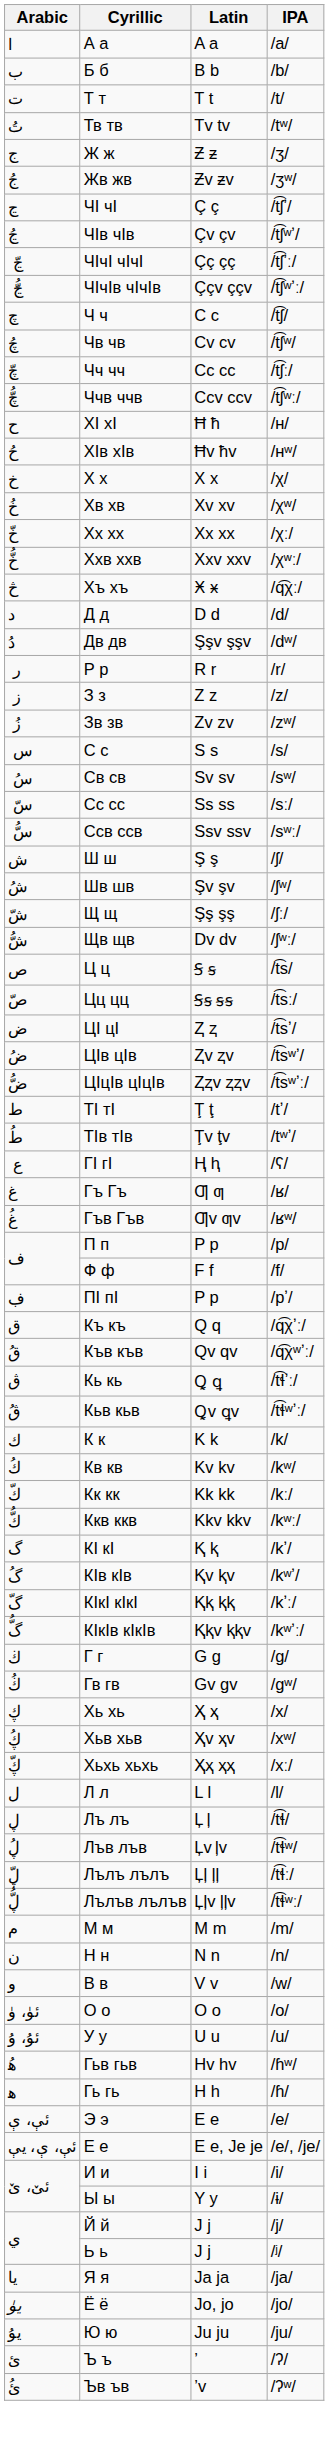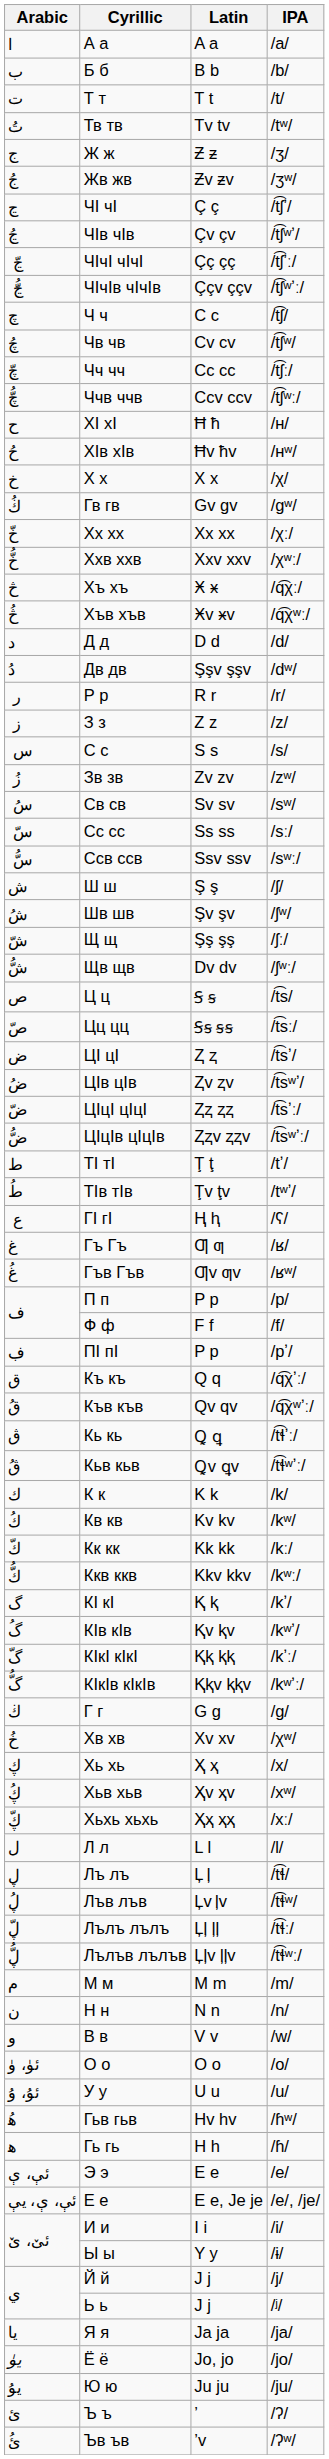 <table class="wikitable">
 <tr>
 <th>Arabic</th>
 <th>Cyrillic</th>
 <th>Latin</th>
 <th>IPA</th>
 </tr>
 <tr>
 <td>ا</td>
 <td>А а</td>
 <td>A a</td>
 <td>/a/</td>
 </tr>
 <tr>
 <td>ب</td>
 <td>Б б</td>
 <td>B b</td>
 <td>/b/</td>
 </tr>
 <tr>
 <td>ت</td>
 <td>Т т</td>
 <td>T t</td>
 <td>/t/</td>
 </tr>
 <tr>
 <td>تُ</td>
 <td>Тв тв</td>
 <td>Tv tv</td>
 <td>/tʷ/</td>
 </tr>
 <tr>
 <td>ج</td>
 <td>Ж ж</td>
 <td>Ƶ ƶ</td>
 <td>/ʒ/</td>
 </tr>
 <tr>
 <td>جُ</td>
 <td>Жв жв</td>
 <td>Ƶv ƶv</td>
 <td>/ʒʷ/</td>
 </tr>
 <tr>
 <td>ڃ</td>
 <td>ЧӀ чӀ</td>
 <td>Ç ç</td>
 <td>/t͡ʃʼ/</td>
 </tr>
 <tr>
 <td>ڃُ</td>
 <td>ЧӀв чӀв</td>
 <td>Çv çv</td>
 <td>/t͡ʃʷʼ/</td>
 </tr>
 <tr>
 <td>‌ ڃّ</td>
 <td>ЧӀчӀ чӀчӀ</td>
 <td>Çç çç</td>
 <td>/t͡ʃʼː/</td>
 </tr>
 <tr>
 <td>‌ ڃُّ</td>
 <td>ЧӀчӀв чӀчӀв</td>
 <td>Ççv ççv</td>
 <td>/t͡ʃʷʼː/</td>
 </tr>
 <tr>
 <td>چ</td>
 <td>Ч ч</td>
 <td>C c</td>
 <td>/t͡ʃ/</td>
 </tr>
 <tr>
 <td>چُ</td>
 <td>Чв чв</td>
 <td>Cv cv</td>
 <td>/t͡ʃʷ/</td>
 </tr>
 <tr>
 <td>چّ</td>
 <td>Чч чч</td>
 <td>Cc cc</td>
 <td>/t͡ʃː/</td>
 </tr>
 <tr>
 <td>چُّ</td>
 <td>Ччв ччв</td>
 <td>Ccv ccv</td>
 <td>/t͡ʃʷː/</td>
 </tr>
 <tr>
 <td>ح</td>
 <td>ХӀ хӀ</td>
 <td>Ħ ħ</td>
 <td>/ʜ/</td>
 </tr>
 <tr>
 <td>حُ</td>
 <td>ХӀв хӀв</td>
 <td>Ħv ħv</td>
 <td>/ʜʷ/</td>
 </tr>
 <tr>
 <td>خ</td>
 <td>Х х</td>
 <td>X x</td>
 <td>/χ/</td>
 </tr>
 <tr>
-<td>خُ</td>
-<td>Хв хв</td>
-<td>Xv xv</td>
-<td>/χʷ/</td>
+<td>ڬُ</td>
+<td>Гв гв</td>
+<td>Gv gv</td>
+<td>/ɡʷ/</td>
 </tr>
 <tr>
 <td>خّ</td>
 <td>Хх хх</td>
 <td>Xx xx</td>
 <td>/χː/</td>
 </tr>
 <tr>
 <td>خُّ</td>
 <td>Ххв ххв</td>
 <td>Xxv xxv</td>
 <td>/χʷː/</td>
 </tr>
 <tr>
 <td>څ</td>
 <td>Хъ хъ</td>
 <td>Ӿ ӿ</td>
 <td>/q͡χː/</td>
+</tr>
+<tr>
+<td>څُ</td>
+<td>Хъв хъв</td>
+<td>Ӿv ӿv</td>
+<td>/q͡χʷː/</td>
 </tr>
 <tr>
 <td>د</td>
 <td>Д д</td>
 <td>D d</td>
 <td>/d/</td>
 </tr>
 <tr>
 <td>دُ</td>
 <td>Дв дв</td>
 <td>Şşv şşv</td>
 <td>/dʷ/</td>
 </tr>
 <tr>
 <td>‌ ر</td>
 <td>Р р</td>
 <td>R r</td>
 <td>/r/</td>
 </tr>
 <tr>
 <td>‌ ز</td>
 <td>З з</td>
 <td>Z z</td>
 <td>/z/</td>
 </tr>
 <tr>
+<td>‌ س</td>
+<td>С с</td>
+<td>S s</td>
+<td>/s/</td>
+</tr>
+<tr>
 <td>‌ زُ</td>
 <td>Зв зв</td>
 <td>Zv zv</td>
 <td>/zʷ/</td>
-</tr>
-<tr>
-<td>‌ س</td>
-<td>С с</td>
-<td>S s</td>
-<td>/s/</td>
 </tr>
 <tr>
 <td>‌ سُ</td>
 <td>Св св</td>
 <td>Sv sv</td>
 <td>/sʷ/</td>
 </tr>
 <tr>
 <td>‌ سّ</td>
 <td>Сс сс</td>
 <td>Ss ss</td>
 <td>/sː/</td>
 </tr>
 <tr>
 <td>‌ سُّ</td>
 <td>Ссв ссв</td>
 <td>Ssv ssv</td>
 <td>/sʷː/</td>
 </tr>
 <tr>
 <td>ش</td>
 <td>Ш ш</td>
 <td>Ş ş</td>
 <td>/ʃ/</td>
 </tr>
 <tr>
 <td>شُ</td>
 <td>Шв шв</td>
 <td>Şv şv</td>
 <td>/ʃʷ/</td>
 </tr>
 <tr>
 <td>شّ</td>
 <td>Щ щ</td>
 <td>Şş şş</td>
 <td>/ʃː/</td>
 </tr>
 <tr>
 <td>شُّ</td>
 <td>Щв щв</td>
 <td>Dv dv</td>
 <td>/ʃʷː/</td>
 </tr>
 <tr>
 <td>ص</td>
 <td>Ц ц</td>
 <td>Ꞩ ꞩ</td>
 <td>/t͡s/</td>
 </tr>
 <tr>
 <td>صّ</td>
 <td>Цц цц</td>
 <td>Ꞩꞩ ꞩꞩ</td>
 <td>/t͡sː/</td>
 </tr>
 <tr>
 <td>ض</td>
 <td>ЦӀ цӀ</td>
 <td>Ⱬ ⱬ</td>
 <td>/t͡sʼ/</td>
 </tr>
 <tr>
 <td>ضُ</td>
 <td>ЦӀв цӀв</td>
 <td>Ⱬv ⱬv</td>
 <td>/t͡sʷʼ/</td>
+</tr>
+<tr>
+<td>ضّ</td>
+<td>ЦӀцӀ цӀцӀ</td>
+<td>Ⱬⱬ ⱬⱬ</td>
+<td>/t͡sʼː/</td>
 </tr>
 <tr>
 <td>ضُّ</td>
 <td>ЦӀцӀв цӀцӀв</td>
 <td>Ⱬⱬv ⱬⱬv</td>
 <td>/t͡sʷʼː/</td>
 </tr>
 <tr>
 <td>ط</td>
 <td>ТӀ тӀ</td>
 <td>Ţ ţ</td>
 <td>/tʼ/</td>
 </tr>
 <tr>
 <td>طُ</td>
 <td>ТӀв тӀв</td>
 <td>Ţv ţv</td>
 <td>/tʷʼ/</td>
 </tr>
 <tr>
 <td>‌ ع</td>
 <td>ГӀ гӀ</td>
 <td>Ⱨ ⱨ</td>
 <td>/ʕ/</td>
 </tr>
 <tr>
 <td>غ</td>
 <td>Гъ Гъ</td>
 <td>Ƣ ƣ</td>
 <td>/ʁ/</td>
 </tr>
 <tr>
 <td>غُ</td>
 <td>Гъв Гъв</td>
 <td>Ƣv ƣv</td>
 <td>/ʁʷ/</td>
 </tr>
 <tr>
 <td rowspan="2">ف</td>
 <td>П п</td>
 <td>P p</td>
 <td>/p/</td>
 </tr>
 <tr>
 <td>Ф ф</td>
 <td>F f</td>
 <td>/f/</td>
 </tr>
 <tr>
 <td>ڣ</td>
 <td>ПӀ пӀ</td>
 <td>P p</td>
 <td>/pʼ/</td>
 </tr>
 <tr>
 <td>ق</td>
 <td>Къ къ</td>
 <td>Q q</td>
 <td>/q͡χʼː/</td>
 </tr>
 <tr>
 <td>قُ</td>
 <td>Къв къв</td>
 <td>Qv qv</td>
 <td>/q͡χʷʼː/</td>
 </tr>
 <tr>
 <td>ڨ</td>
 <td>Кь кь</td>
 <td>Ꝗ ꝗ</td>
 <td>/t͡ɬʼː/</td>
 </tr>
 <tr>
 <td>ڨُ</td>
 <td>Кьв кьв</td>
 <td>Ꝗv ꝗv</td>
 <td>/t͡ɬʷʼː/</td>
 </tr>
 <tr>
 <td>ك</td>
 <td>К к</td>
 <td>K k</td>
 <td>/k/</td>
 </tr>
 <tr>
 <td>كُ</td>
 <td>Кв кв</td>
 <td>Kv kv</td>
 <td>/kʷ/</td>
 </tr>
 <tr>
 <td>كّ</td>
 <td>Кк кк</td>
 <td>Kk kk</td>
 <td>/kː/</td>
 </tr>
 <tr>
 <td>كُّ</td>
 <td>Ккв ккв</td>
 <td>Kkv kkv</td>
 <td>/kʷː/</td>
 </tr>
 <tr>
 <td>گ</td>
 <td>КӀ кӀ</td>
 <td>Ⱪ ⱪ</td>
 <td>/kʼ/</td>
 </tr>
 <tr>
 <td>گُ</td>
 <td>КӀв кӀв</td>
 <td>Ⱪv ⱪv</td>
 <td>/kʷʼ/</td>
 </tr>
 <tr>
 <td>گّ</td>
 <td>КӀкӀ кӀкӀ</td>
 <td>Ⱪⱪ ⱪⱪ</td>
 <td>/kʼː/</td>
 </tr>
 <tr>
 <td>گُّ</td>
 <td>КӀкӀв кӀкӀв</td>
 <td>Ⱪⱪv ⱪⱪv</td>
 <td>/kʷʼː/</td>
 </tr>
 <tr>
 <td>ڬ</td>
 <td>Г г</td>
 <td>G g</td>
 <td>/ɡ/</td>
 </tr>
 <tr>
-<td>ڬُ</td>
-<td>Гв гв</td>
-<td>Gv gv</td>
-<td>/ɡʷ/</td>
+<td>خُ</td>
+<td>Хв хв</td>
+<td>Xv xv</td>
+<td>/χʷ/</td>
 </tr>
 <tr>
 <td>ڮ</td>
 <td>Хь хь</td>
 <td>Ҳ ҳ</td>
 <td>/x/</td>
 </tr>
 <tr>
 <td>ڮُ</td>
 <td>Хьв хьв</td>
 <td>Ҳv ҳv</td>
 <td>/xʷ/</td>
 </tr>
 <tr>
 <td>ڮّ</td>
 <td>Хьхь хьхь</td>
 <td>Ҳҳ ҳҳ</td>
 <td>/xː/</td>
 </tr>
 <tr>
 <td>ل</td>
 <td>Л л</td>
 <td>L l</td>
 <td>/l/</td>
 </tr>
 <tr>
 <td>ڸ</td>
 <td>Лъ лъ</td>
 <td>Ļ ļ</td>
 <td>/t͡ɬ/</td>
 </tr>
 <tr>
 <td>ڸُ</td>
 <td>Лъв лъв</td>
 <td>Ļv ļv</td>
 <td>/t͡ɬʷ/</td>
 </tr>
 <tr>
 <td>ڸّ</td>
 <td>Лълъ лълъ</td>
 <td>Ļļ ļļ</td>
 <td>/t͡ɬː/</td>
 </tr>
 <tr>
 <td>ڸُّ</td>
 <td>Лълъв лълъв</td>
 <td>Ļļv ļļv</td>
 <td>/t͡ɬʷː/</td>
 </tr>
 <tr>
 <td>م</td>
 <td>М м</td>
 <td>M m</td>
 <td>/m/</td>
 </tr>
 <tr>
 <td>ن</td>
 <td>Н н</td>
 <td>N n</td>
 <td>/n/</td>
 </tr>
 <tr>
 <td>و</td>
 <td>В в</td>
 <td>V v</td>
 <td>/w/</td>
 </tr>
 <tr>
 <td>ئۈ، ۈ</td>
 <td>О о</td>
 <td>O o</td>
 <td>/o/</td>
 </tr>
 <tr>
 <td>ئۇ، ۇ</td>
 <td>У у</td>
 <td>U u</td>
 <td>/u/</td>
 </tr>
 <tr>
 <td>ﻫُ</td>
 <td>Гьв гьв</td>
 <td>Hv hv</td>
 <td>/ɦʷ/</td>
 </tr>
 <tr>
 <td>ﻫ</td>
 <td>Гь гь</td>
 <td>H h</td>
 <td>/ɦ/</td>
 </tr>
 <tr>
 <td>ئې، ې</td>
 <td>Э э</td>
 <td>E e</td>
 <td>/e/</td>
 </tr>
 <tr>
 <td>ئې، ې، يې</td>
 <td>Е е</td>
 <td>E e, Je je</td>
 <td>/e/, /je/</td>
 </tr>
 <tr>
 <td rowspan="2">ئێ، ێ</td>
 <td>И и</td>
 <td>I i</td>
 <td>/i/</td>
 </tr>
 <tr>
 <td>Ы ы</td>
 <td>Y y</td>
 <td>/ɨ/</td>
 </tr>
 <tr>
 <td rowspan="2">ي</td>
 <td>Й й</td>
 <td>J j</td>
 <td>/j/</td>
 </tr>
 <tr>
 <td>Ь ь</td>
 <td>J j</td>
 <td>/ʲ/</td>
 </tr>
 <tr>
 <td>يا</td>
 <td>Я я</td>
 <td>Ja ja</td>
 <td>/ja/</td>
 </tr>
 <tr>
 <td><em>يۈ</em></td>
 <td>Ё ё</td>
 <td>Jo, jo</td>
 <td>/jo/</td>
 </tr>
 <tr>
 <td>يۇ</td>
 <td>Ю ю</td>
 <td>Ju ju</td>
 <td>/ju/</td>
 </tr>
 <tr>
 <td>ئ</td>
 <td>Ъ ъ</td>
 <td>’</td>
 <td>/ʔ/</td>
 </tr>
 <tr>
 <td>ئُ</td>
 <td>Ъв ъв</td>
 <td>’v</td>
 <td>/ʔʷ/</td>
 </tr>
 </table>
